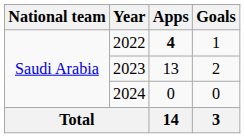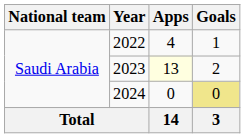 <table class="wikitable" style="text-align:center">
 <tr>
 <th>National team</th>
 <th>Year</th>
 <th>Apps</th>
 <th>Goals</th>
 </tr>
 <tr>
 <td rowspan="3"><a href='#'>Saudi Arabia</a></td>
 <td>2022</td>
-<td><strong>4</strong></td>
+<td>4</td>
 <td>1</td>
 </tr>
 <tr>
 <td>2023</td>
-<td>13</td>
+<td style="background: lightyellow;">13</td>
 <td>2</td>
 </tr>
 <tr>
 <td>2024</td>
 <td>0</td>
-<td>0</td>
+<td style="background: khaki;">0</td>
 </tr>
 <tr>
 <th colspan="2">Total</th>
 <th>14</th>
 <th>3</th>
 </tr>
 </table>
